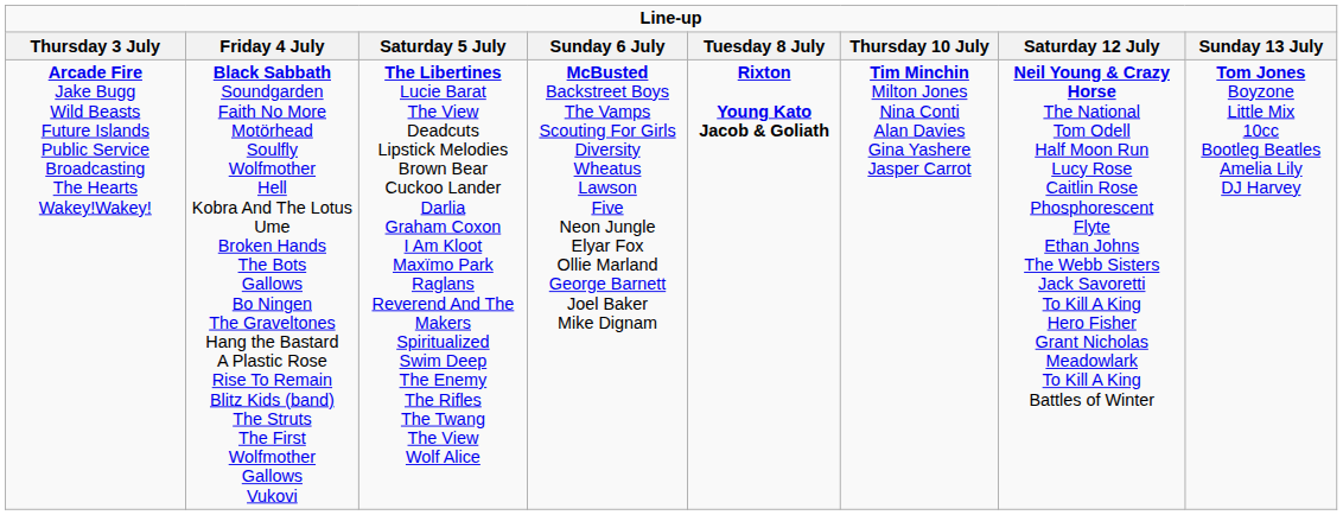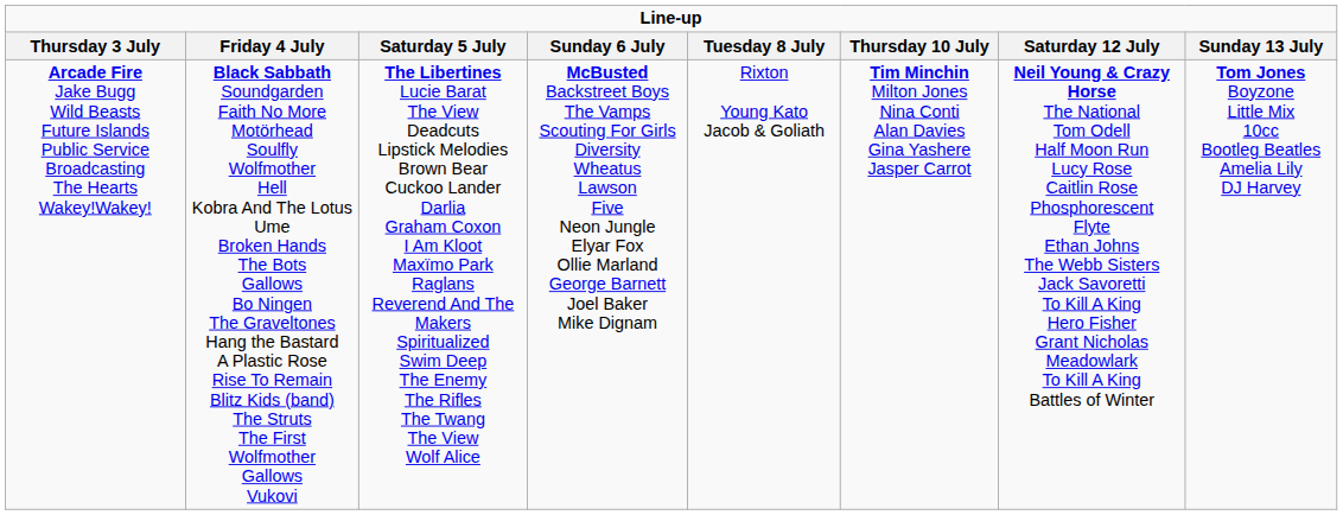 <table class="wikitable">
 <tr>
 <td colspan="8" style="text-align:center;"><strong>Line-up</strong></td>
 </tr>
 <tr>
 <th>Thursday 3 July</th>
 <th>Friday 4 July</th>
 <th>Saturday 5 July</th>
 <th>Sunday 6 July</th>
 <th>Tuesday 8 July</th>
 <th>Thursday 10 July</th>
 <th>Saturday 12 July</th>
 <th>Sunday 13 July</th>
 </tr>
 <tr>
 <td style="text-align:center; vertical-align:top; width:250px;"><strong><a href='#'>Arcade Fire</a></strong><br><a href='#'>Jake Bugg</a> <br><a href='#'>Wild Beasts</a> <br><a href='#'>Future Islands</a><br><a href='#'>Public Service Broadcasting</a> <br><a href='#'>The Hearts</a> <br><a href='#'>Wakey!Wakey!</a></td>
 <td style="text-align:center; vertical-align:top; width:250px;"><strong><a href='#'>Black Sabbath</a></strong><br><a href='#'>Soundgarden</a> <br><a href='#'>Faith No More</a> <br><a href='#'>Motörhead</a> <br><a href='#'>Soulfly</a><br><a href='#'>Wolfmother</a> <br><a href='#'>Hell</a> <br>Kobra And The Lotus <br>Ume <br><a href='#'>Broken Hands</a> <br><a href='#'>The Bots</a><br><a href='#'>Gallows</a> <br><a href='#'>Bo Ningen</a> <br><a href='#'>The Graveltones</a> <br>Hang the Bastard <br>A Plastic Rose<br><a href='#'>Rise To Remain</a> <br><a href='#'>Blitz Kids (band)</a> <br><a href='#'>The Struts</a> <br><a href='#'>The First</a><br><a href='#'>Wolfmother</a> <br><a href='#'>Gallows</a> <br><a href='#'>Vukovi</a></td>
 <td style="text-align:center; vertical-align:top; width:250px;"><strong><a href='#'>The Libertines</a></strong><br><a href='#'>Lucie Barat</a> <br><a href='#'>The View</a> <br>Deadcuts <br>Lipstick Melodies<br>Brown Bear <br>Cuckoo Lander <br><a href='#'>Darlia</a> <br><a href='#'>Graham Coxon</a> <br><a href='#'>I Am Kloot</a> <br><a href='#'>Maxïmo Park</a> <br><a href='#'>Raglans</a> <br><a href='#'>Reverend And The Makers</a> <br><a href='#'>Spiritualized</a> <br><a href='#'>Swim Deep</a> <br><a href='#'>The Enemy</a> <br><a href='#'>The Rifles</a> <br><a href='#'>The Twang</a> <br><a href='#'>The View</a> <br><a href='#'>Wolf Alice</a></td>
 <td style="text-align:center; vertical-align:top; width:250px;"><strong><a href='#'>McBusted</a></strong><br><a href='#'>Backstreet Boys</a> <br><a href='#'>The Vamps</a> <br><a href='#'>Scouting For Girls</a> <br><a href='#'>Diversity</a><br><a href='#'>Wheatus</a><br><a href='#'>Lawson</a> <br><a href='#'>Five</a><br>Neon Jungle<br>Elyar Fox<br>Ollie Marland<br><a href='#'>George Barnett</a> <br>Joel Baker <br>Mike Dignam</td>
-<td style="text-align:center; vertical-align:top; width:250px;"><strong><a href='#'>Rixton</a><br><br><a href='#'>Young Kato</a> <br>Jacob & Goliath <br></strong></td>
+<td style="text-align:center; vertical-align:top; width:250px;"><a href='#'>Rixton</a><br><br><a href='#'>Young Kato</a> <br>Jacob & Goliath <br></td>
 <td style="text-align:center; vertical-align:top; width:250px;"><strong><a href='#'>Tim Minchin</a></strong><br><a href='#'>Milton Jones</a> <br><a href='#'>Nina Conti</a> <br><a href='#'>Alan Davies</a> <br><a href='#'>Gina Yashere</a> <br><a href='#'>Jasper Carrot</a></td>
 <td style="text-align:center; vertical-align:top; width:250px;"><strong><a href='#'>Neil Young & Crazy Horse</a></strong><br><a href='#'>The National</a> <br><a href='#'>Tom Odell</a> <br><a href='#'>Half Moon Run</a> <br><a href='#'>Lucy Rose</a><br><a href='#'>Caitlin Rose</a> <br><a href='#'>Phosphorescent</a> <br><a href='#'>Flyte</a><br><a href='#'>Ethan Johns</a> <br><a href='#'>The Webb Sisters</a><br><a href='#'>Jack Savoretti</a> <br><a href='#'>To Kill A King</a> <br><a href='#'>Hero Fisher</a><br><a href='#'>Grant Nicholas</a> <br><a href='#'>Meadowlark</a> <br><a href='#'>To Kill A King</a> <br>Battles of Winter</td>
 <td style="text-align:center; vertical-align:top; width:250px;"><strong><a href='#'>Tom Jones</a></strong><br><a href='#'>Boyzone</a> <br><a href='#'>Little Mix</a> <br><a href='#'>10cc</a> <br><a href='#'>Bootleg Beatles</a><br><a href='#'>Amelia Lily</a> <br><a href='#'>DJ Harvey</a></td>
 </tr>
 </table>
